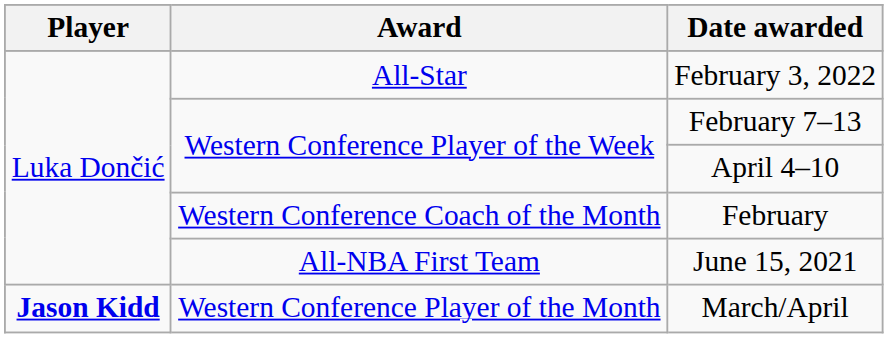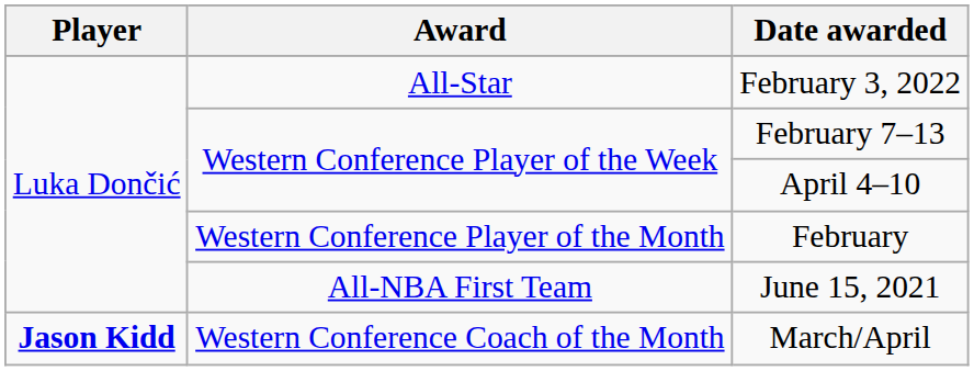 <table class="wikitable sortable">
 <tr>
 <th>Player</th>
 <th>Award</th>
 <th>Date awarded</th>
 </tr>
 <tr style="text-align: center">
 <td rowspan=5><a href='#'>Luka Dončić</a></td>
 <td><a href='#'>All-Star</a></td>
 <td>February 3, 2022</td>
 </tr>
 <tr style="text-align: center">
 <td rowspan=2><a href='#'>Western Conference Player of the Week</a></td>
 <td>February 7–13</td>
 </tr>
 <tr style="text-align: center">
 <td>April 4–10</td>
 </tr>
 <tr style="text-align: center">
-<td><a href='#'>Western Conference Coach of the Month</a></td>
+<td><a href='#'>Western Conference Player of the Month</a></td>
 <td>February</td>
 </tr>
 <tr style="text-align: center">
 <td><a href='#'>All-NBA First Team</a></td>
 <td>June 15, 2021</td>
 </tr>
 <tr style="text-align: center">
 <td><strong><a href='#'>Jason Kidd</a></strong></td>
-<td><a href='#'>Western Conference Player of the Month</a></td>
+<td><a href='#'>Western Conference Coach of the Month</a></td>
 <td>March/April</td>
 </tr>
 </table>
